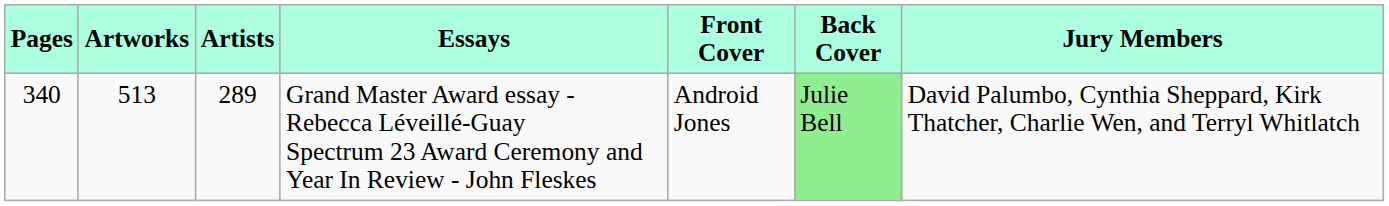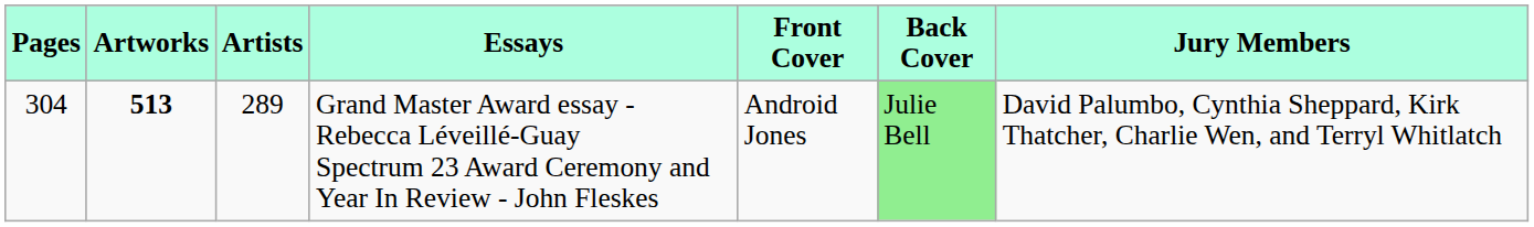 <table class="wikitable">
 <tr>
 <th style="background:#acffdf">Pages</th>
 <th style="background:#acffdf">Artworks</th>
 <th style="background:#acffdf">Artists</th>
 <th style="background:#acffdf">Essays</th>
 <th style="background:#acffdf">Front Cover</th>
 <th style="background:#acffdf">Back Cover</th>
 <th style="background:#acffdf">Jury Members</th>
 </tr>
 <tr valign="top">
-<td align="center">340</td>
-<td align="center">513</td>
+<td align="center">304</td>
+<td align="center"><strong>513</strong></td>
 <td align="center">289</td>
 <td>Grand Master Award essay - Rebecca Léveillé-Guay<br>Spectrum 23 Award Ceremony and Year In Review - John Fleskes</td>
 <td>Android Jones</td>
 <td style="background: lightgreen;">Julie Bell</td>
 <td>David Palumbo, Cynthia Sheppard, Kirk Thatcher, Charlie Wen, and Terryl Whitlatch</td>
 </tr>
 </table>
